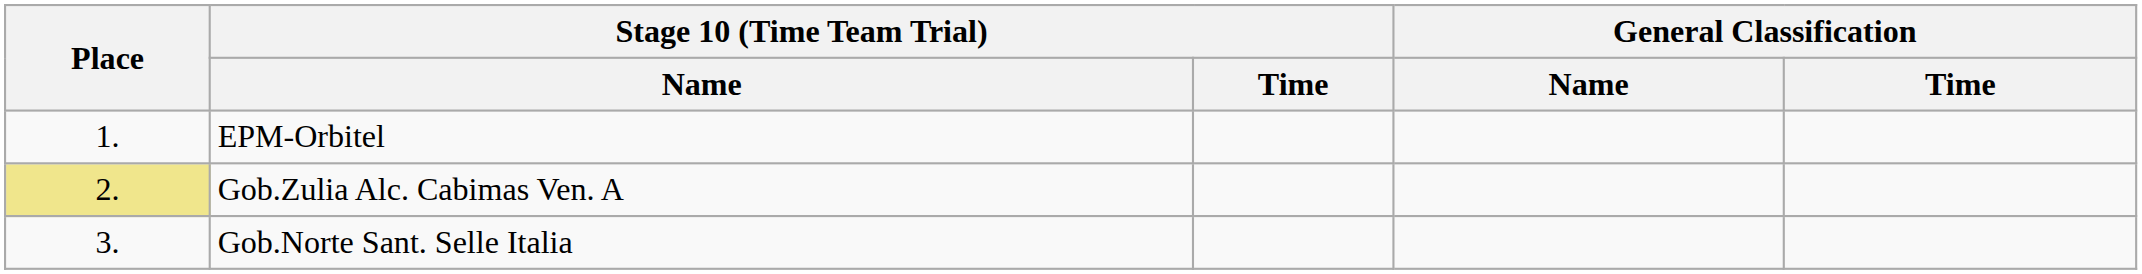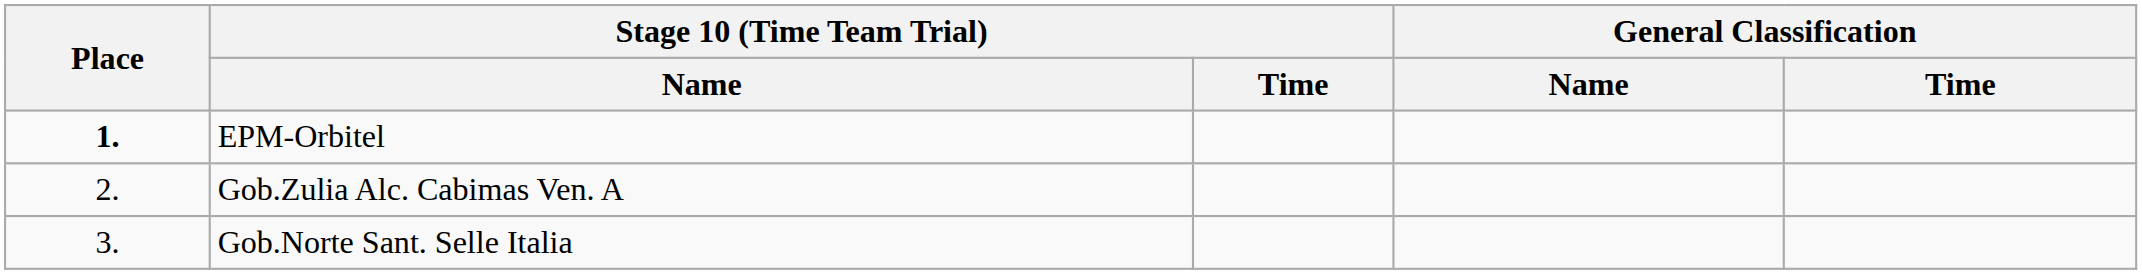 <table class=wikitable style="font-size:95%" width="80%">
 <tr>
 <th rowspan="2">Place</th>
 <th colspan="2">Stage 10 (Time Team Trial)</th>
 <th colspan="2">General Classification</th>
 </tr>
 <tr>
 <th>Name</th>
 <th>Time</th>
 <th>Name</th>
 <th>Time</th>
 </tr>
 <tr>
-<td align="center">1.</td>
+<td align="center"><strong>1.</strong></td>
 <td>EPM-Orbitel</td>
 <td></td>
 <td></td>
 <td></td>
 </tr>
 <tr>
-<td align="center" style="background: khaki;">2.</td>
+<td align="center">2.</td>
 <td>Gob.Zulia Alc. Cabimas Ven. A</td>
 <td></td>
 <td></td>
 <td></td>
 </tr>
 <tr>
 <td align="center">3.</td>
 <td>Gob.Norte Sant. Selle Italia</td>
 <td></td>
 <td></td>
 <td></td>
 </tr>
 </table>
